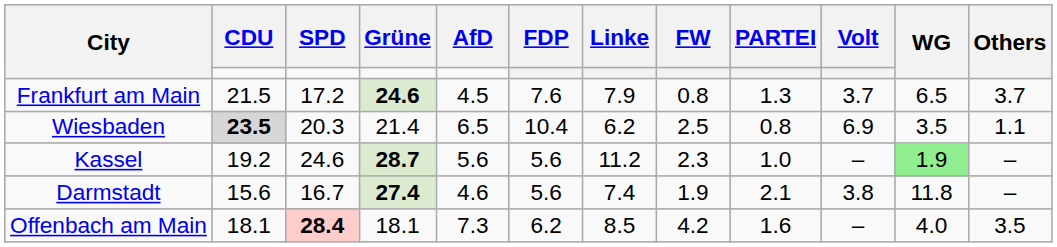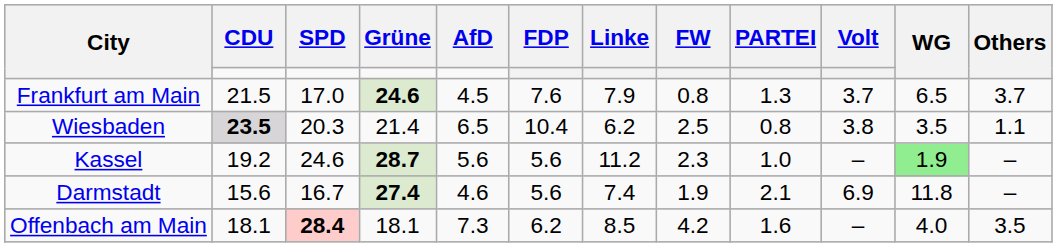 <table class=wikitable style="text-align:center; font-size:90%; line-height:14px">
 <tr style="height:40px;">
 <th rowspan=2>City</th>
 <th style="width:40px;"><a href='#'>CDU</a></th>
 <th style="width:40px;"><a href='#'>SPD</a></th>
 <th style="width:40px;"><a href='#'>Grüne</a></th>
 <th style="width:40px;"><a href='#'>AfD</a></th>
 <th style="width:40px;"><a href='#'>FDP</a></th>
 <th style="width:40px;"><a href='#'>Linke</a></th>
 <th style="width:40px;"><a href='#'>FW</a></th>
 <th style="width:40px;"><a href='#'>PARTEI</a></th>
 <th style="width:40px;"><a href='#'>Volt</a></th>
 <th class="unsortable" style="width:40px;" rowspan="2">WG</th>
 <th class="unsortable" style="width:40px;" rowspan="2">Others</th>
 </tr>
 <tr>
 <td style="background:"></td>
 <td style="background:"></td>
 <td style="background:"></td>
 <td style="background:"></td>
 <th style="background:"></th>
 <th style="background:"></th>
 <th style="background:"></th>
 <th style="background:"></th>
 <th style="background:"></th>
 </tr>
 <tr>
 <td><a href='#'>Frankfurt am Main</a></td>
 <td>21.5</td>
-<td>17.2</td>
+<td>17.0</td>
 <td style="background:#DCEAD0;"><strong>24.6</strong></td>
 <td>4.5</td>
 <td>7.6</td>
 <td>7.9</td>
 <td>0.8</td>
 <td>1.3</td>
 <td>3.7</td>
 <td>6.5</td>
 <td>3.7</td>
 </tr>
 <tr>
 <td><a href='#'>Wiesbaden</a></td>
 <td style="background:#D7D5D7;"><strong>23.5</strong></td>
 <td>20.3</td>
 <td>21.4</td>
 <td>6.5</td>
 <td>10.4</td>
 <td>6.2</td>
 <td>2.5</td>
 <td>0.8</td>
-<td>6.9</td>
+<td>3.8</td>
 <td>3.5</td>
 <td>1.1</td>
 </tr>
 <tr>
 <td><a href='#'>Kassel</a></td>
 <td>19.2</td>
 <td>24.6</td>
 <td style="background:#DCEAD0;"><strong>28.7</strong></td>
 <td>5.6</td>
 <td>5.6</td>
 <td>11.2</td>
 <td>2.3</td>
 <td>1.0</td>
 <td>–</td>
 <td style="background: lightgreen;">1.9</td>
 <td>–</td>
 </tr>
 <tr>
 <td><a href='#'>Darmstadt</a></td>
 <td>15.6</td>
 <td>16.7</td>
 <td style="background:#DCEAD0;"><strong>27.4</strong></td>
 <td>4.6</td>
 <td>5.6</td>
 <td>7.4</td>
 <td>1.9</td>
 <td>2.1</td>
-<td>3.8</td>
+<td>6.9</td>
 <td>11.8</td>
 <td>–</td>
 </tr>
 <tr>
 <td><a href='#'>Offenbach am Main</a></td>
 <td>18.1</td>
 <td style="background:#FFCCCC"><strong>28.4</strong></td>
 <td>18.1</td>
 <td>7.3</td>
 <td>6.2</td>
 <td>8.5</td>
 <td>4.2</td>
 <td>1.6</td>
 <td>–</td>
 <td>4.0</td>
 <td>3.5</td>
 </tr>
 </table>
